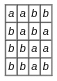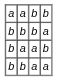 <table border="1" cellspacing="0" cellpadding="3" style="margin:1em auto;">
 <tr>
 <td><em>a</em></td>
 <td><em>a</em></td>
 <td><em>b</em></td>
 <td><em>b</em></td>
 </tr>
 <tr>
 <td><em>b</em></td>
+<td><em>b</em></td>
+<td><em>b</em></td>
+<td><em>a</em></td>
+</tr>
+<tr>
+<td><em>b</em></td>
+<td><em>a</em></td>
 <td><em>a</em></td>
 <td><em>b</em></td>
-<td><em>a</em></td>
 </tr>
 <tr>
 <td><em>b</em></td>
 <td><em>b</em></td>
 <td><em>a</em></td>
 <td><em>a</em></td>
 </tr>
-<tr>
-<td><em>b</em></td>
-<td><em>b</em></td>
-<td><em>a</em></td>
-<td><em>b</em></td>
-</tr>
 </table>
